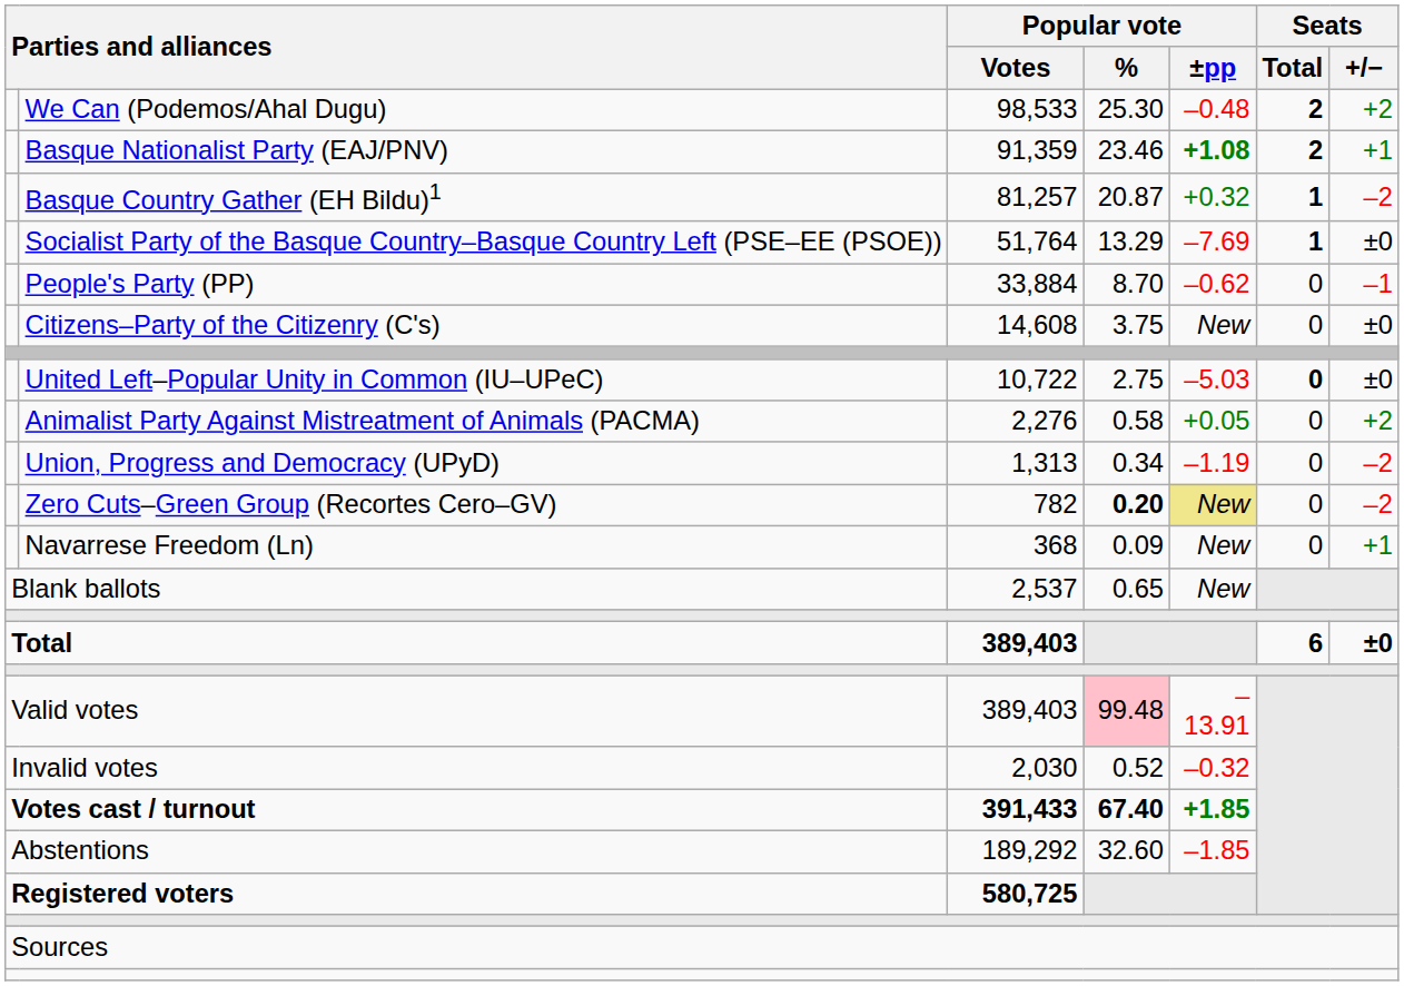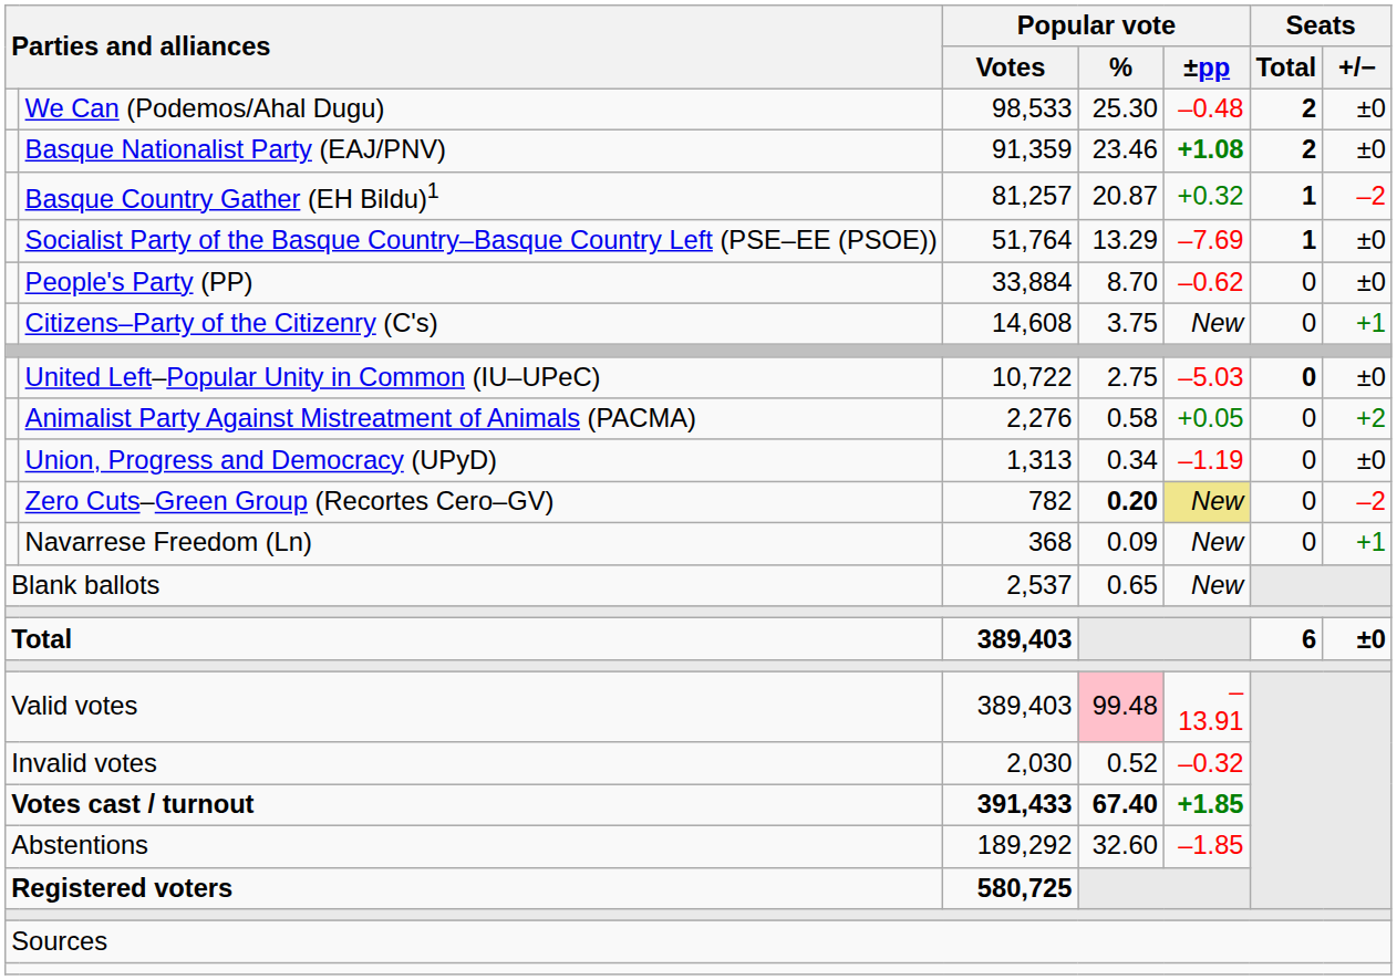 <table class="wikitable" style="text-align:right;">
 <tr>
 <th style="text-align:left;" rowspan="2" colspan="2" width="525">Parties and alliances</th>
 <th colspan="3">Popular vote</th>
 <th colspan="2">Seats</th>
 </tr>
 <tr>
 <th width="75">Votes</th>
 <th width="45">%</th>
 <th width="45">±<a href='#'>pp</a></th>
 <th width="35">Total</th>
 <th width="35">+/−</th>
 </tr>
 <tr>
 <td width="1" style="color:inherit;background:"></td>
 <td align="left"><a href='#'>We Can</a> (Podemos/Ahal Dugu)</td>
 <td>98,533</td>
 <td>25.30</td>
 <td style="color:red;">–0.48</td>
 <td><strong>2</strong></td>
-<td style="color:green;">+2</td>
+<td>±0</td>
 </tr>
 <tr>
 <td style="color:inherit;background:"></td>
 <td align="left"><a href='#'>Basque Nationalist Party</a> (EAJ/PNV)</td>
 <td>91,359</td>
 <td>23.46</td>
 <td style="color:green;"><strong>+1.08</strong></td>
 <td><strong>2</strong></td>
-<td style="color:green;">+1</td>
+<td>±0</td>
 </tr>
 <tr>
 <td style="color:inherit;background:"></td>
 <td align="left"><a href='#'>Basque Country Gather</a> (EH Bildu)<sup>1</sup></td>
 <td>81,257</td>
 <td>20.87</td>
 <td style="color:green;">+0.32</td>
 <td><strong>1</strong></td>
 <td style="color:red;">–2</td>
 </tr>
 <tr>
 <td style="color:inherit;background:"></td>
 <td align="left"><a href='#'>Socialist Party of the Basque Country–Basque Country Left</a> (PSE–EE (PSOE))</td>
 <td>51,764</td>
 <td>13.29</td>
 <td style="color:red;">–7.69</td>
 <td><strong>1</strong></td>
 <td>±0</td>
 </tr>
 <tr>
 <td style="color:inherit;background:"></td>
 <td align="left"><a href='#'>People's Party</a> (PP)</td>
 <td>33,884</td>
 <td>8.70</td>
 <td style="color:red;">–0.62</td>
 <td>0</td>
-<td style="color:red;">–1</td>
+<td>±0</td>
 </tr>
 <tr>
 <td style="color:inherit;background:"></td>
 <td align="left"><a href='#'>Citizens–Party of the Citizenry</a> (C's)</td>
 <td>14,608</td>
 <td>3.75</td>
 <td><em>New</em></td>
 <td>0</td>
-<td>±0</td>
+<td style="color:green;">+1</td>
 </tr>
 <tr>
 <td colspan="7" bgcolor="#C0C0C0"></td>
 </tr>
 <tr>
 <td style="color:inherit;background:"></td>
 <td align="left"><a href='#'>United Left</a>–<a href='#'>Popular Unity in Common</a> (IU–UPeC)</td>
 <td>10,722</td>
 <td>2.75</td>
 <td style="color:red;">–5.03</td>
 <td><strong>0</strong></td>
 <td>±0</td>
 </tr>
 <tr>
 <td style="color:inherit;background:"></td>
 <td align="left"><a href='#'>Animalist Party Against Mistreatment of Animals</a> (PACMA)</td>
 <td>2,276</td>
 <td>0.58</td>
 <td style="color:green;">+0.05</td>
 <td>0</td>
 <td style="color:green;">+2</td>
 </tr>
 <tr>
 <td style="color:inherit;background:"></td>
 <td align="left"><a href='#'>Union, Progress and Democracy</a> (UPyD)</td>
 <td>1,313</td>
 <td>0.34</td>
 <td style="color:red;">–1.19</td>
 <td>0</td>
-<td style="color:red;">–2</td>
+<td>±0</td>
 </tr>
 <tr>
 <td style="color:inherit;background:"></td>
 <td align="left"><a href='#'>Zero Cuts</a>–<a href='#'>Green Group</a> (Recortes Cero–GV)</td>
 <td>782</td>
 <td><strong>0.20</strong></td>
 <td style="background: khaki;"><em>New</em></td>
 <td>0</td>
 <td style="color:red;">–2</td>
 </tr>
 <tr>
 <td style="color:inherit;background:"></td>
 <td align="left">Navarrese Freedom (Ln)</td>
 <td>368</td>
 <td>0.09</td>
 <td><em>New</em></td>
 <td>0</td>
 <td style="color:green;">+1</td>
 </tr>
 <tr>
 <td align="left" colspan="2">Blank ballots</td>
 <td>2,537</td>
 <td>0.65</td>
 <td><em>New</em></td>
 <td bgcolor="#E9E9E9" colspan="2"></td>
 </tr>
 <tr>
 <td colspan="7" bgcolor="#E9E9E9"></td>
 </tr>
 <tr style="font-weight:bold;">
 <td align="left" colspan="2">Total</td>
 <td>389,403</td>
 <td bgcolor="#E9E9E9" colspan="2"></td>
 <td>6</td>
 <td>±0</td>
 </tr>
 <tr>
 <td colspan="7" bgcolor="#E9E9E9"></td>
 </tr>
 <tr>
 <td align="left" colspan="2">Valid votes</td>
 <td>389,403</td>
 <td style="background: pink;">99.48</td>
 <td style="color:red;">–13.91</td>
 <td bgcolor="#E9E9E9" colspan="2" rowspan="5"></td>
 </tr>
 <tr>
 <td align="left" colspan="2">Invalid votes</td>
 <td>2,030</td>
 <td>0.52</td>
 <td style="color:red;">–0.32</td>
 </tr>
 <tr style="font-weight:bold;">
 <td align="left" colspan="2">Votes cast / turnout</td>
 <td>391,433</td>
 <td>67.40</td>
 <td style="color:green;">+1.85</td>
 </tr>
 <tr>
 <td align="left" colspan="2">Abstentions</td>
 <td>189,292</td>
 <td>32.60</td>
 <td style="color:red;">–1.85</td>
 </tr>
 <tr style="font-weight:bold;">
 <td align="left" colspan="2">Registered voters</td>
 <td>580,725</td>
 <td bgcolor="#E9E9E9" colspan="2"></td>
 </tr>
 <tr>
 <td colspan="7" bgcolor="#E9E9E9"></td>
 </tr>
 <tr>
 <td align="left" colspan="7">Sources</td>
 </tr>
 <tr>
 <td colspan="7" style="text-align:left; max-width:790px;"></td>
 </tr>
 </table>
